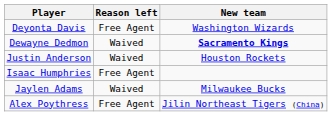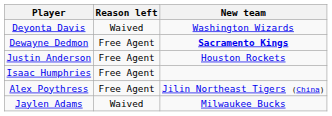 <table class="wikitable sortable sortable" style="text-align: center">
 <tr>
 <th>Player</th>
 <th>Reason left</th>
 <th>New team</th>
 </tr>
 <tr style="text-align: center">
 <td><a href='#'>Deyonta Davis</a></td>
-<td>Free Agent</td>
+<td>Waived</td>
 <td><a href='#'>Washington Wizards</a></td>
 </tr>
 <tr style="text-align: center">
 <td><a href='#'>Dewayne Dedmon</a></td>
-<td>Waived</td>
+<td>Free Agent</td>
 <td><strong><a href='#'>Sacramento Kings</a></strong></td>
 </tr>
 <tr style="text-align: center">
 <td><a href='#'>Justin Anderson</a></td>
-<td>Waived</td>
+<td>Free Agent</td>
 <td><a href='#'>Houston Rockets</a></td>
 </tr>
 <tr style="text-align: center">
 <td><a href='#'>Isaac Humphries</a></td>
 <td>Free Agent</td>
 <td></td>
 </tr>
 <tr style="text-align: center">
+<td><a href='#'>Alex Poythress</a></td>
+<td>Free Agent</td>
+<td><a href='#'>Jilin Northeast Tigers</a> <small>(<a href='#'>China</a>)</small></td>
+</tr>
+<tr style="text-align: center">
 <td><a href='#'>Jaylen Adams</a></td>
 <td>Waived</td>
 <td><a href='#'>Milwaukee Bucks</a></td>
 </tr>
-<tr style="text-align: center">
-<td><a href='#'>Alex Poythress</a></td>
-<td>Free Agent</td>
-<td><a href='#'>Jilin Northeast Tigers</a> <small>(<a href='#'>China</a>)</small></td>
-</tr>
 </table>
